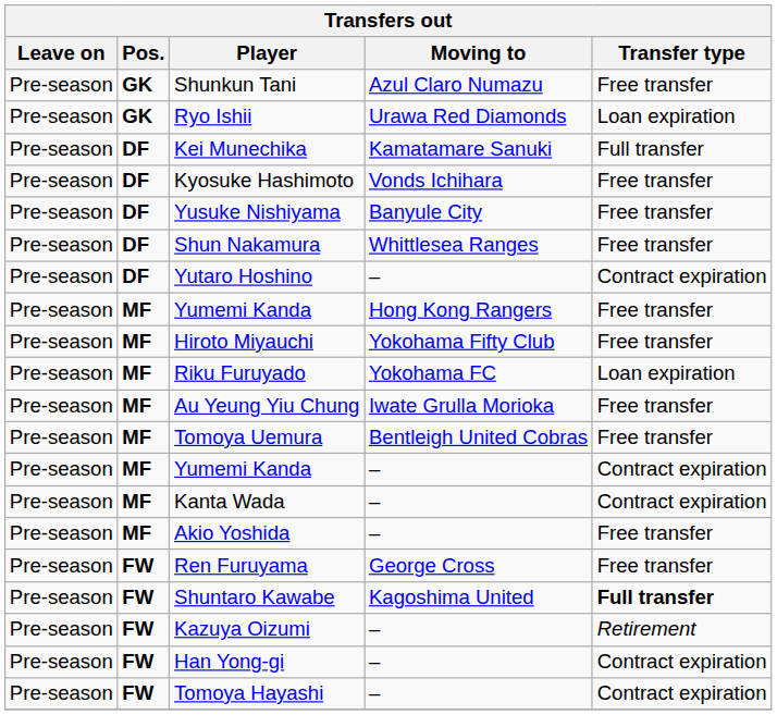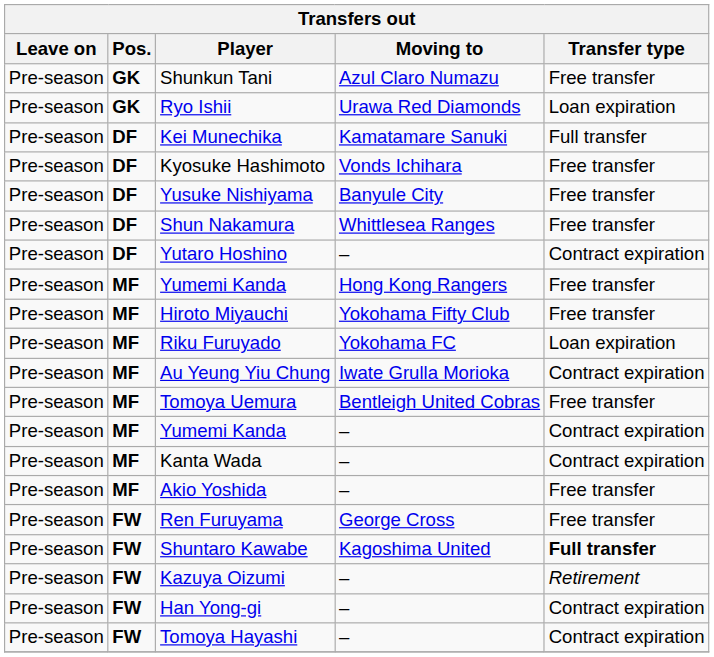 <table class="wikitable sortable" style=“text-align:left;>
 <tr>
 <th colspan="5">Transfers out</th>
 </tr>
 <tr>
 <th>Leave on</th>
 <th>Pos.</th>
 <th>Player</th>
 <th>Moving to</th>
 <th>Transfer type</th>
 </tr>
 <tr>
 <td>Pre-season</td>
 <td><strong>GK</strong></td>
 <td> Shunkun Tani</td>
 <td> <a href='#'>Azul Claro Numazu</a></td>
 <td>Free transfer</td>
 </tr>
 <tr>
 <td>Pre-season</td>
 <td><strong>GK</strong></td>
 <td> <a href='#'>Ryo Ishii</a></td>
 <td> <a href='#'>Urawa Red Diamonds</a></td>
 <td>Loan expiration</td>
 </tr>
 <tr>
 <td>Pre-season</td>
 <td><strong>DF</strong></td>
 <td> <a href='#'>Kei Munechika</a></td>
 <td> <a href='#'>Kamatamare Sanuki</a></td>
 <td>Full transfer</td>
 </tr>
 <tr>
 <td>Pre-season</td>
 <td><strong>DF</strong></td>
 <td> Kyosuke Hashimoto</td>
 <td> <a href='#'>Vonds Ichihara</a></td>
 <td>Free transfer</td>
 </tr>
 <tr>
 <td>Pre-season</td>
 <td><strong>DF</strong></td>
 <td> <a href='#'>Yusuke Nishiyama</a></td>
 <td> <a href='#'>Banyule City</a></td>
 <td>Free transfer</td>
 </tr>
 <tr>
 <td>Pre-season</td>
 <td><strong>DF</strong></td>
 <td> <a href='#'>Shun Nakamura</a></td>
 <td> <a href='#'>Whittlesea Ranges</a></td>
 <td>Free transfer</td>
 </tr>
 <tr>
 <td>Pre-season</td>
 <td><strong>DF</strong></td>
 <td> <a href='#'>Yutaro Hoshino</a></td>
 <td>–</td>
 <td>Contract expiration</td>
 </tr>
 <tr>
 <td>Pre-season</td>
 <td><strong>MF</strong></td>
 <td> <a href='#'>Yumemi Kanda</a></td>
 <td> <a href='#'>Hong Kong Rangers</a></td>
 <td>Free transfer</td>
 </tr>
 <tr>
 <td>Pre-season</td>
 <td><strong>MF</strong></td>
 <td> <a href='#'>Hiroto Miyauchi</a></td>
 <td> <a href='#'>Yokohama Fifty Club</a></td>
 <td>Free transfer</td>
 </tr>
 <tr>
 <td>Pre-season</td>
 <td><strong>MF</strong></td>
 <td> <a href='#'>Riku Furuyado</a></td>
 <td> <a href='#'>Yokohama FC</a></td>
 <td>Loan expiration</td>
 </tr>
 <tr>
 <td>Pre-season</td>
 <td><strong>MF</strong></td>
 <td> <a href='#'>Au Yeung Yiu Chung</a></td>
 <td> <a href='#'>Iwate Grulla Morioka</a></td>
-<td>Free transfer</td>
+<td>Contract expiration</td>
 </tr>
 <tr>
 <td>Pre-season</td>
 <td><strong>MF</strong></td>
 <td> <a href='#'>Tomoya Uemura</a></td>
 <td> <a href='#'>Bentleigh United Cobras</a></td>
 <td>Free transfer</td>
 </tr>
 <tr>
 <td>Pre-season</td>
 <td><strong>MF</strong></td>
 <td> <a href='#'>Yumemi Kanda</a></td>
 <td>–</td>
 <td>Contract expiration</td>
 </tr>
 <tr>
 <td>Pre-season</td>
 <td><strong>MF</strong></td>
 <td> Kanta Wada</td>
 <td>–</td>
 <td>Contract expiration</td>
 </tr>
 <tr>
 <td>Pre-season</td>
 <td><strong>MF</strong></td>
 <td> <a href='#'>Akio Yoshida</a></td>
 <td>–</td>
 <td>Free transfer</td>
 </tr>
 <tr>
 <td>Pre-season</td>
 <td><strong>FW</strong></td>
 <td> <a href='#'>Ren Furuyama</a></td>
 <td> <a href='#'>George Cross</a></td>
 <td>Free transfer</td>
 </tr>
 <tr>
 <td>Pre-season</td>
 <td><strong>FW</strong></td>
 <td> <a href='#'>Shuntaro Kawabe</a></td>
 <td> <a href='#'>Kagoshima United</a></td>
 <td><strong>Full transfer</strong></td>
 </tr>
 <tr>
 <td>Pre-season</td>
 <td><strong>FW</strong></td>
 <td> <a href='#'>Kazuya Oizumi</a></td>
 <td>–</td>
 <td><em>Retirement</em></td>
 </tr>
 <tr>
 <td>Pre-season</td>
 <td><strong>FW</strong></td>
 <td> <a href='#'>Han Yong-gi</a></td>
 <td>–</td>
 <td>Contract expiration</td>
 </tr>
 <tr>
 <td>Pre-season</td>
 <td><strong>FW</strong></td>
 <td> <a href='#'>Tomoya Hayashi</a></td>
 <td>–</td>
 <td>Contract expiration</td>
 </tr>
 <tr>
 </tr>
 </table>
